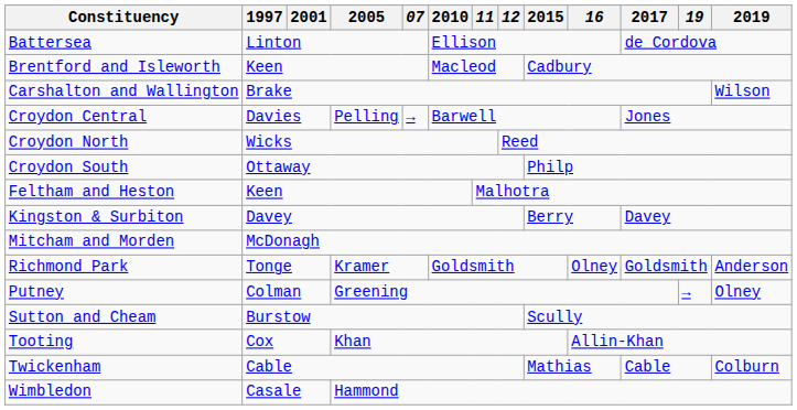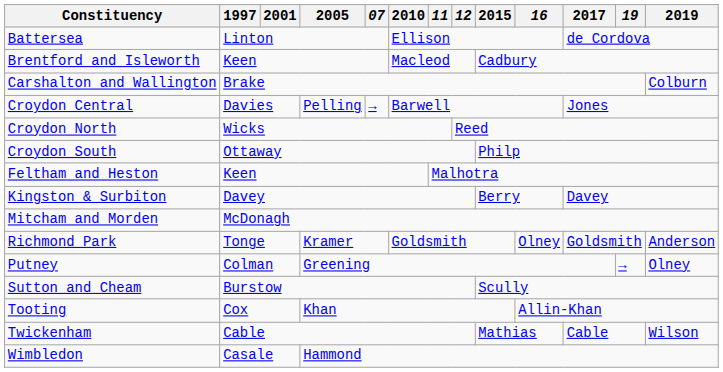 <table class="wikitable">
 <tr>
 <th>Constituency</th>
 <th>1997</th>
 <th>2001</th>
 <th>2005</th>
 <th><em>07</em></th>
 <th>2010</th>
 <th><em>11</em></th>
 <th><em>12</em></th>
 <th>2015</th>
 <th><em>16</em></th>
 <th>2017</th>
 <th><em>19</em></th>
 <th>2019</th>
 </tr>
 <tr>
 <td><a href='#'>Battersea</a></td>
 <td colspan="4"><a href='#'>Linton</a></td>
 <td colspan="5"><a href='#'>Ellison</a></td>
 <td colspan="3"><a href='#'>de Cordova</a></td>
 </tr>
 <tr>
 <td><a href='#'>Brentford and Isleworth</a></td>
 <td colspan="4"><a href='#'>Keen</a></td>
 <td colspan="3"><a href='#'>Macleod</a></td>
 <td colspan="5"><a href='#'>Cadbury</a></td>
 </tr>
 <tr>
 <td><a href='#'>Carshalton and Wallington</a></td>
 <td colspan="11"><a href='#'>Brake</a></td>
-<td colspan="1"><a href='#'>Wilson</a></td>
+<td><a href='#'>Colburn</a></td>
 </tr>
 <tr>
 <td><a href='#'>Croydon Central</a></td>
 <td colspan="2"><a href='#'>Davies</a></td>
 <td><a href='#'>Pelling</a></td>
 <td><a href='#'>→</a></td>
 <td colspan="5"><a href='#'>Barwell</a></td>
 <td colspan="3"><a href='#'>Jones</a></td>
 </tr>
 <tr>
 <td><a href='#'>Croydon North</a></td>
 <td colspan="6"><a href='#'>Wicks</a></td>
 <td colspan="6"><a href='#'>Reed</a></td>
 </tr>
 <tr>
 <td><a href='#'>Croydon South</a></td>
 <td colspan="7"><a href='#'>Ottaway</a></td>
 <td colspan="5"><a href='#'>Philp</a></td>
 </tr>
 <tr>
 <td><a href='#'>Feltham and Heston</a></td>
 <td colspan="5"><a href='#'>Keen</a></td>
 <td colspan="7"><a href='#'>Malhotra</a></td>
 </tr>
 <tr>
 <td><a href='#'>Kingston & Surbiton</a></td>
 <td colspan="7"><a href='#'>Davey</a></td>
 <td colspan="2"><a href='#'>Berry</a></td>
 <td colspan="3"><a href='#'>Davey</a></td>
 </tr>
 <tr>
 <td><a href='#'>Mitcham and Morden</a></td>
 <td colspan="12"><a href='#'>McDonagh</a></td>
 </tr>
 <tr>
 <td><a href='#'>Richmond Park</a></td>
 <td colspan="2"><a href='#'>Tonge</a></td>
 <td colspan="2"><a href='#'>Kramer</a></td>
 <td colspan="4"><a href='#'>Goldsmith</a></td>
 <td><a href='#'>Olney</a></td>
 <td colspan="2"><a href='#'>Goldsmith</a></td>
 <td colspan="1"><a href='#'>Anderson</a></td>
 </tr>
 <tr>
 <td><a href='#'>Putney</a></td>
 <td colspan="2"><a href='#'>Colman</a></td>
 <td colspan="8"><a href='#'>Greening</a></td>
 <td><a href='#'>→</a></td>
 <td colspan="1"><a href='#'>Olney</a></td>
 </tr>
 <tr>
 <td><a href='#'>Sutton and Cheam</a></td>
 <td colspan="7"><a href='#'>Burstow</a></td>
 <td colspan="5"><a href='#'>Scully</a></td>
 </tr>
 <tr>
 <td><a href='#'>Tooting</a></td>
 <td colspan="2"><a href='#'>Cox</a></td>
 <td colspan="6"><a href='#'>Khan</a></td>
 <td colspan="4"><a href='#'>Allin-Khan</a></td>
 </tr>
 <tr>
 <td><a href='#'>Twickenham</a></td>
 <td colspan="7"><a href='#'>Cable</a></td>
 <td colspan="2"><a href='#'>Mathias</a></td>
 <td colspan="2"><a href='#'>Cable</a></td>
-<td><a href='#'>Colburn</a></td>
+<td colspan="1"><a href='#'>Wilson</a></td>
 </tr>
 <tr>
 <td><a href='#'>Wimbledon</a></td>
 <td colspan="2"><a href='#'>Casale</a></td>
 <td colspan="10"><a href='#'>Hammond</a></td>
 </tr>
 </table>
